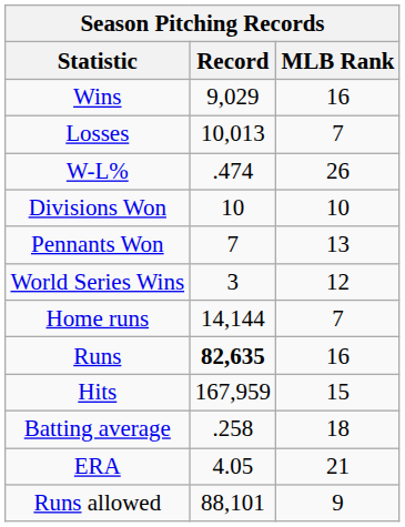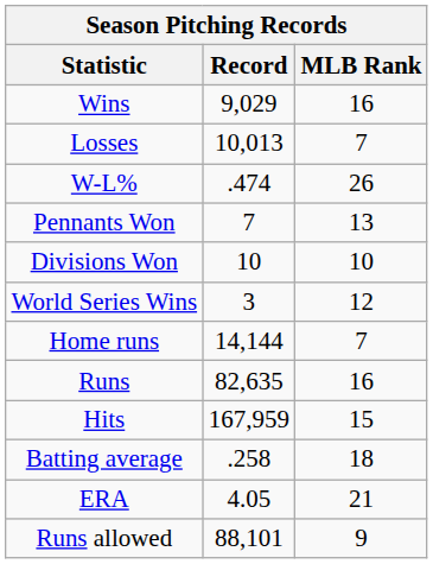 <table class="wikitable sortable" style="text-align:center">
 <tr>
 <th colspan="3">Season Pitching Records</th>
 </tr>
 <tr>
 <th scope="col">Statistic</th>
 <th scope="col" class="unsortable">Record</th>
 <th scope="col">MLB Rank</th>
 </tr>
 <tr>
 <td><a href='#'>Wins</a></td>
 <td>9,029</td>
 <td>16</td>
 </tr>
 <tr>
 <td><a href='#'>Losses</a></td>
 <td>10,013</td>
 <td>7</td>
 </tr>
 <tr>
 <td><a href='#'>W-L%</a></td>
 <td>.474</td>
 <td>26</td>
 </tr>
 <tr>
+<td><a href='#'>Pennants Won</a></td>
+<td>7</td>
+<td>13</td>
+</tr>
+<tr>
 <td><a href='#'>Divisions Won</a></td>
 <td>10</td>
 <td>10</td>
-</tr>
-<tr>
-<td><a href='#'>Pennants Won</a></td>
-<td>7</td>
-<td>13</td>
 </tr>
 <tr>
 <td><a href='#'>World Series Wins</a></td>
 <td>3</td>
 <td>12</td>
 </tr>
 <tr>
 <td><a href='#'>Home runs</a></td>
 <td>14,144</td>
 <td>7</td>
 </tr>
 <tr>
 <td><a href='#'>Runs</a></td>
-<td><strong>82,635</strong></td>
+<td>82,635</td>
 <td>16</td>
 </tr>
 <tr>
 <td><a href='#'>Hits</a></td>
 <td>167,959</td>
 <td>15</td>
 </tr>
 <tr>
 <td><a href='#'>Batting average</a></td>
 <td>.258</td>
 <td>18</td>
 </tr>
 <tr>
 <td><a href='#'>ERA</a></td>
 <td>4.05</td>
 <td>21</td>
 </tr>
 <tr>
 <td><a href='#'>Runs</a> allowed</td>
 <td>88,101</td>
 <td>9</td>
 </tr>
 </table>
